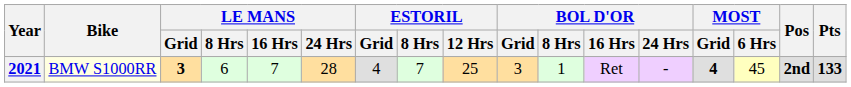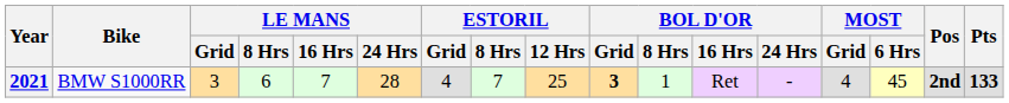 <table class="wikitable" style="text-align:center">
 <tr>
 <th rowspan=2>Year</th>
 <th rowspan=2>Bike</th>
 <th colspan=4><a href='#'>LE MANS</a></th>
 <th colspan=3><a href='#'>ESTORIL</a></th>
 <th colspan=4><a href='#'>BOL D'OR</a></th>
 <th colspan=2><a href='#'>MOST</a></th>
 <th rowspan=2 valign="middle">Pos</th>
 <th rowspan=2 valign="middle">Pts</th>
 </tr>
 <tr>
 <th>Grid</th>
 <th>8 Hrs</th>
 <th>16 Hrs</th>
 <th>24 Hrs</th>
 <th>Grid</th>
 <th>8 Hrs</th>
 <th>12 Hrs</th>
 <th>Grid</th>
 <th>8 Hrs</th>
 <th>16 Hrs</th>
 <th>24 Hrs</th>
 <th>Grid</th>
 <th>6 Hrs</th>
 </tr>
 <tr>
 <th><a href='#'>2021</a></th>
-<td style="background: lightyellow;"><a href='#'>BMW S1000RR</a></td>
-<td style="background:#ffdf9f;"><strong>3</strong></td>
+<td><a href='#'>BMW S1000RR</a></td>
+<td style="background:#ffdf9f;">3</td>
 <td style="background:#dfffdf;">6</td>
 <td style="background:#dfffdf;">7</td>
 <td style="background:#ffdf9f;">28</td>
 <td style="background:#dfdfdf;">4</td>
 <td style="background:#dfffdf;">7</td>
 <td style="background:#ffdf9f;">25</td>
-<td style="background:#ffdf9f;">3</td>
+<td style="background:#ffdf9f;"><strong>3</strong></td>
 <td style="background:#dfffdf;">1</td>
 <td style="background:#efcfff;">Ret</td>
 <td style="background:#efcfff;">-</td>
-<td style="background:#dfdfdf;"><strong>4</strong></td>
+<td style="background:#dfdfdf;">4</td>
 <td style="background:#FFFFBF;">45</td>
 <th style="background:#dfdfdf;">2nd</th>
 <th style="background:#dfdfdf;">133</th>
 </tr>
 </table>
